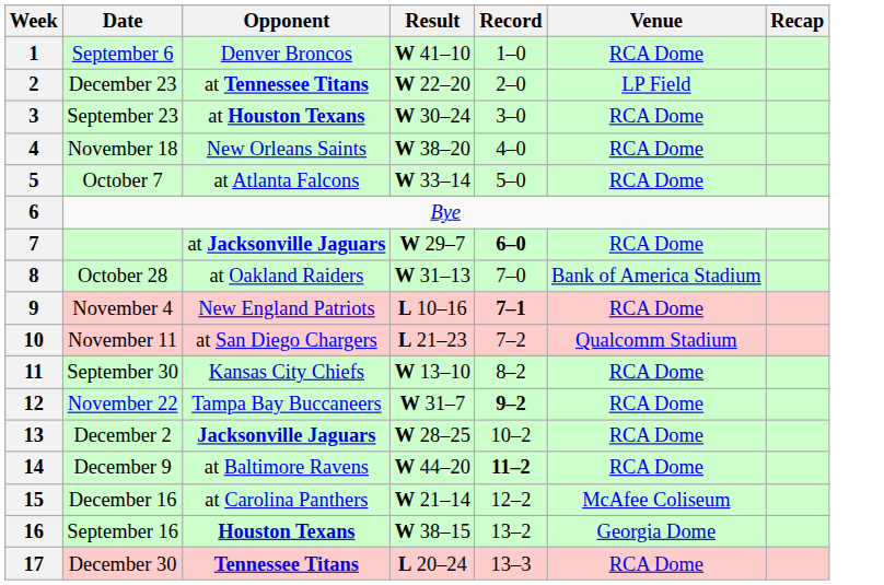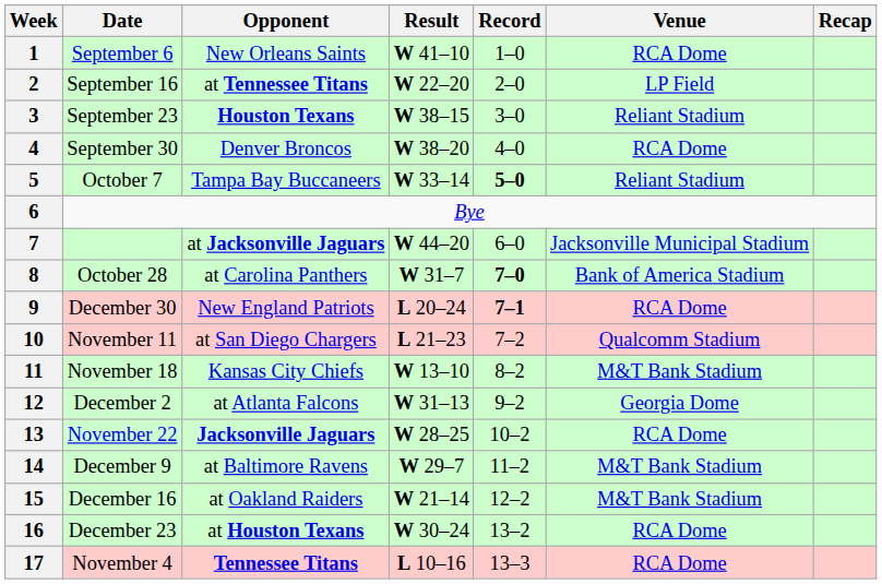 <table class="wikitable" style="text-align:center">
 <tr>
 <th>Week</th>
 <th>Date</th>
 <th>Opponent</th>
 <th>Result</th>
 <th>Record</th>
 <th>Venue</th>
 <th>Recap</th>
 </tr>
 <tr>
 <th>1</th>
 <td style="text-align:center; background:#cfc;"><a href='#'>September 6</a></td>
-<td style="text-align:center; background:#cfc;"><a href='#'>Denver Broncos</a></td>
+<td style="text-align:center; background:#cfc;"><a href='#'>New Orleans Saints</a></td>
 <td style="text-align:center; background:#cfc;"><strong>W</strong> 41–10</td>
 <td style="text-align:center; background:#cfc;">1–0</td>
 <td style="text-align:center; background:#cfc;"><a href='#'>RCA Dome</a></td>
 <td style="text-align:center; background:#cfc;"></td>
 </tr>
 <tr>
 <th>2</th>
-<td style="text-align:center; background:#cfc;">December 23</td>
+<td style="text-align:center; background:#cfc;">September 16</td>
 <td style="text-align:center; background:#cfc;">at <strong><a href='#'>Tennessee Titans</a></strong></td>
 <td style="text-align:center; background:#cfc;"><strong>W</strong> 22–20</td>
 <td style="text-align:center; background:#cfc;">2–0</td>
 <td style="text-align:center; background:#cfc;"><a href='#'>LP Field</a></td>
 <td style="text-align:center; background:#cfc;"></td>
 </tr>
 <tr>
 <th>3</th>
 <td style="text-align:center; background:#cfc;">September 23</td>
-<td style="text-align:center; background:#cfc;">at <strong><a href='#'>Houston Texans</a></strong></td>
-<td style="text-align:center; background:#cfc;"><strong>W</strong> 30–24</td>
+<td style="text-align:center; background:#cfc;"><strong><a href='#'>Houston Texans</a></strong></td>
+<td style="text-align:center; background:#cfc;"><strong>W</strong> 38–15</td>
 <td style="text-align:center; background:#cfc;">3–0</td>
-<td style="text-align:center; background:#cfc;"><a href='#'>RCA Dome</a></td>
+<td style="text-align:center; background:#cfc;"><a href='#'>Reliant Stadium</a></td>
 <td style="text-align:center; background:#cfc;"></td>
 </tr>
 <tr>
 <th>4</th>
-<td style="text-align:center; background:#cfc;">November 18</td>
-<td style="text-align:center; background:#cfc;"><a href='#'>New Orleans Saints</a></td>
+<td style="text-align:center; background:#cfc;">September 30</td>
+<td style="text-align:center; background:#cfc;"><a href='#'>Denver Broncos</a></td>
 <td style="text-align:center; background:#cfc;"><strong>W</strong> 38–20</td>
 <td style="text-align:center; background:#cfc;">4–0</td>
 <td style="text-align:center; background:#cfc;"><a href='#'>RCA Dome</a></td>
 <td style="text-align:center; background:#cfc;"></td>
 </tr>
 <tr>
 <th>5</th>
 <td style="text-align:center; background:#cfc;">October 7</td>
-<td style="text-align:center; background:#cfc;">at <a href='#'>Atlanta Falcons</a></td>
+<td style="text-align:center; background:#cfc;"><a href='#'>Tampa Bay Buccaneers</a></td>
 <td style="text-align:center; background:#cfc;"><strong>W</strong> 33–14</td>
-<td style="text-align:center; background:#cfc;">5–0</td>
-<td style="text-align:center; background:#cfc;"><a href='#'>RCA Dome</a></td>
+<td style="text-align:center; background:#cfc;"><strong>5–0</strong></td>
+<td style="text-align:center; background:#cfc;"><a href='#'>Reliant Stadium</a></td>
 <td style="text-align:center; background:#cfc;"></td>
 </tr>
 <tr>
 <th style="text-align:center;">6</th>
 <td colspan="8"  style="text-align:center; vertical-align:middle;"><em><a href='#'>Bye</a></em></td>
 </tr>
 <tr>
 <th>7</th>
 <td style="text-align:center; background:#cfc;"></td>
 <td style="text-align:center; background:#cfc;">at <strong><a href='#'>Jacksonville Jaguars</a></strong></td>
-<td style="text-align:center; background:#cfc;"><strong>W</strong> 29–7</td>
-<td style="text-align:center; background:#cfc;"><strong>6–0</strong></td>
-<td style="text-align:center; background:#cfc;"><a href='#'>RCA Dome</a></td>
+<td style="text-align:center; background:#cfc;"><strong>W</strong> 44–20</td>
+<td style="text-align:center; background:#cfc;">6–0</td>
+<td style="text-align:center; background:#cfc;"><a href='#'>Jacksonville Municipal Stadium</a></td>
 <td style="text-align:center; background:#cfc;"></td>
 </tr>
 <tr>
 <th>8</th>
 <td style="text-align:center; background:#cfc;">October 28</td>
-<td style="text-align:center; background:#cfc;">at <a href='#'>Oakland Raiders</a></td>
-<td style="text-align:center; background:#cfc;"><strong>W</strong> 31–13</td>
-<td style="text-align:center; background:#cfc;">7–0</td>
+<td style="text-align:center; background:#cfc;">at <a href='#'>Carolina Panthers</a></td>
+<td style="text-align:center; background:#cfc;"><strong>W</strong> 31–7</td>
+<td style="text-align:center; background:#cfc;"><strong>7–0</strong></td>
 <td style="text-align:center; background:#cfc;"><a href='#'>Bank of America Stadium</a></td>
 <td style="text-align:center; background:#cfc;"></td>
 </tr>
 <tr>
 <th>9</th>
-<td style="text-align:center; background:#fcc;">November 4</td>
+<td style="text-align:center; background:#fcc;">December 30</td>
 <td style="text-align:center; background:#fcc;"><a href='#'>New England Patriots</a></td>
-<td style="text-align:center; background:#fcc;"><strong>L</strong> 10–16</td>
+<td style="text-align:center; background:#fcc;"><strong>L</strong> 20–24</td>
 <td style="text-align:center; background:#fcc;"><strong>7–1</strong></td>
 <td style="text-align:center; background:#fcc;"><a href='#'>RCA Dome</a></td>
 <td style="text-align:center; background:#fcc;"></td>
 </tr>
 <tr>
 <th>10</th>
 <td style="text-align:center; background:#fcc;">November 11</td>
 <td style="text-align:center; background:#fcc;">at <a href='#'>San Diego Chargers</a></td>
 <td style="text-align:center; background:#fcc;"><strong>L</strong> 21–23</td>
 <td style="text-align:center; background:#fcc;">7–2</td>
 <td style="text-align:center; background:#fcc;"><a href='#'>Qualcomm Stadium</a></td>
 <td style="text-align:center; background:#fcc;"></td>
 </tr>
 <tr>
 <th>11</th>
-<td style="text-align:center; background:#cfc;">September 30</td>
+<td style="text-align:center; background:#cfc;">November 18</td>
 <td style="text-align:center; background:#cfc;"><a href='#'>Kansas City Chiefs</a></td>
 <td style="text-align:center; background:#cfc;"><strong>W</strong> 13–10</td>
 <td style="text-align:center; background:#cfc;">8–2</td>
-<td style="text-align:center; background:#cfc;"><a href='#'>RCA Dome</a></td>
+<td style="text-align:center; background:#cfc;"><a href='#'>M&T Bank Stadium</a></td>
 <td style="text-align:center; background:#cfc;"></td>
 </tr>
 <tr>
 <th>12</th>
-<td style="text-align:center; background:#cfc;"><a href='#'>November 22</a></td>
-<td style="text-align:center; background:#cfc;"><a href='#'>Tampa Bay Buccaneers</a></td>
-<td style="text-align:center; background:#cfc;"><strong>W</strong> 31–7</td>
-<td style="text-align:center; background:#cfc;"><strong>9–2</strong></td>
-<td style="text-align:center; background:#cfc;"><a href='#'>RCA Dome</a></td>
+<td style="text-align:center; background:#cfc;">December 2</td>
+<td style="text-align:center; background:#cfc;">at <a href='#'>Atlanta Falcons</a></td>
+<td style="text-align:center; background:#cfc;"><strong>W</strong> 31–13</td>
+<td style="text-align:center; background:#cfc;">9–2</td>
+<td style="text-align:center; background:#cfc;"><a href='#'>Georgia Dome</a></td>
 <td style="text-align:center; background:#cfc;"></td>
 </tr>
 <tr>
 <th>13</th>
-<td style="text-align:center; background:#cfc;">December 2</td>
+<td style="text-align:center; background:#cfc;"><a href='#'>November 22</a></td>
 <td style="text-align:center; background:#cfc;"><strong><a href='#'>Jacksonville Jaguars</a></strong></td>
 <td style="text-align:center; background:#cfc;"><strong>W</strong> 28–25</td>
 <td style="text-align:center; background:#cfc;">10–2</td>
 <td style="text-align:center; background:#cfc;"><a href='#'>RCA Dome</a></td>
 <td style="text-align:center; background:#cfc;"></td>
 </tr>
 <tr>
 <th>14</th>
 <td style="text-align:center; background:#cfc;">December 9</td>
 <td style="text-align:center; background:#cfc;">at <a href='#'>Baltimore Ravens</a></td>
-<td style="text-align:center; background:#cfc;"><strong>W</strong> 44–20</td>
-<td style="text-align:center; background:#cfc;"><strong>11–2</strong></td>
-<td style="text-align:center; background:#cfc;"><a href='#'>RCA Dome</a></td>
+<td style="text-align:center; background:#cfc;"><strong>W</strong> 29–7</td>
+<td style="text-align:center; background:#cfc;">11–2</td>
+<td style="text-align:center; background:#cfc;"><a href='#'>M&T Bank Stadium</a></td>
 <td style="text-align:center; background:#cfc;"></td>
 </tr>
 <tr>
 <th>15</th>
 <td style="text-align:center; background:#cfc;">December 16</td>
-<td style="text-align:center; background:#cfc;">at <a href='#'>Carolina Panthers</a></td>
+<td style="text-align:center; background:#cfc;">at <a href='#'>Oakland Raiders</a></td>
 <td style="text-align:center; background:#cfc;"><strong>W</strong> 21–14</td>
 <td style="text-align:center; background:#cfc;">12–2</td>
-<td style="text-align:center; background:#cfc;"><a href='#'>McAfee Coliseum</a></td>
+<td style="text-align:center; background:#cfc;"><a href='#'>M&T Bank Stadium</a></td>
 <td style="text-align:center; background:#cfc;"></td>
 </tr>
 <tr>
 <th>16</th>
-<td style="text-align:center; background:#cfc;">September 16</td>
-<td style="text-align:center; background:#cfc;"><strong><a href='#'>Houston Texans</a></strong></td>
-<td style="text-align:center; background:#cfc;"><strong>W</strong> 38–15</td>
+<td style="text-align:center; background:#cfc;">December 23</td>
+<td style="text-align:center; background:#cfc;">at <strong><a href='#'>Houston Texans</a></strong></td>
+<td style="text-align:center; background:#cfc;"><strong>W</strong> 30–24</td>
 <td style="text-align:center; background:#cfc;">13–2</td>
-<td style="text-align:center; background:#cfc;"><a href='#'>Georgia Dome</a></td>
+<td style="text-align:center; background:#cfc;"><a href='#'>RCA Dome</a></td>
 <td style="text-align:center; background:#cfc;"></td>
 </tr>
 <tr>
 <th>17</th>
-<td style="text-align:center; background:#fcc;">December 30</td>
+<td style="text-align:center; background:#fcc;">November 4</td>
 <td style="text-align:center; background:#fcc;"><strong><a href='#'>Tennessee Titans</a></strong></td>
-<td style="text-align:center; background:#fcc;"><strong>L</strong> 20–24</td>
+<td style="text-align:center; background:#fcc;"><strong>L</strong> 10–16</td>
 <td style="text-align:center; background:#fcc;">13–3</td>
 <td style="text-align:center; background:#fcc;"><a href='#'>RCA Dome</a></td>
 <td style="text-align:center; background:#fcc;"></td>
 </tr>
 </table>
